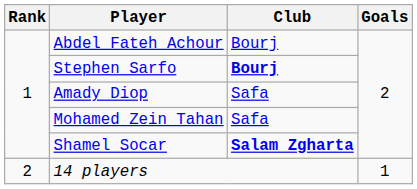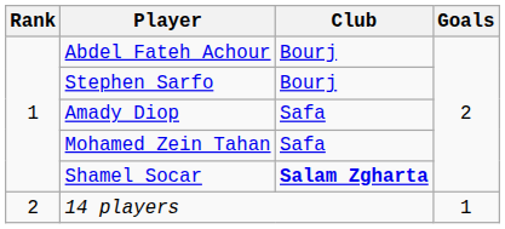 <table class="wikitable" style="text-align:center">
 <tr>
 <th>Rank</th>
 <th>Player</th>
 <th>Club</th>
 <th>Goals</th>
 </tr>
 <tr>
 <td rowspan="5">1</td>
 <td align="left"> <a href='#'>Abdel Fateh Achour</a></td>
 <td align="left"><a href='#'>Bourj</a></td>
 <td rowspan="5">2</td>
 </tr>
 <tr>
 <td align="left"> <a href='#'>Stephen Sarfo</a></td>
-<td align="left"><strong><a href='#'>Bourj</a></strong></td>
+<td align="left"><a href='#'>Bourj</a></td>
 </tr>
 <tr>
 <td align="left"> <a href='#'>Amady Diop</a></td>
 <td align="left"><a href='#'>Safa</a></td>
 </tr>
 <tr>
 <td align="left"> <a href='#'>Mohamed Zein Tahan</a></td>
 <td align="left"><a href='#'>Safa</a></td>
 </tr>
 <tr>
 <td align="left"> <a href='#'>Shamel Socar</a></td>
 <td align="left"><strong><a href='#'>Salam Zgharta</a></strong></td>
 </tr>
 <tr>
 <td>2</td>
 <td align="left" colspan="2"><em>14 players</em></td>
 <td>1</td>
 </tr>
 </table>
